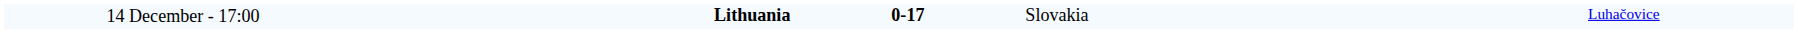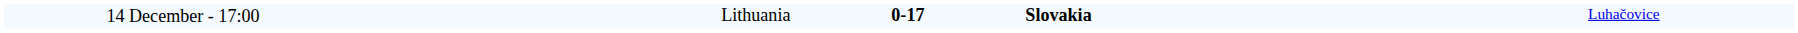 <table style="width: 100%; background:#F5FAFF;" cellspacing="0">
 <tr>
 <td align=center rowspan=3 width=20%>14 December - 17:00</td>
 </tr>
 <tr>
-<td width=24% align=right><strong>Lithuania </strong></td>
+<td width=24% align=right>Lithuania </td>
 <td align=center width=13%><strong>0-17</strong></td>
-<td width=24%> Slovakia</td>
+<td width=24%><strong> Slovakia</strong></td>
 <td style=font-size:85% rowspan=3 valign=top align=center><a href='#'>Luhačovice</a></td>
 </tr>
 <tr style=font-size:85%>
 <td align=right valign=top></td>
 <td></td>
 <td></td>
 </tr>
 </table>
